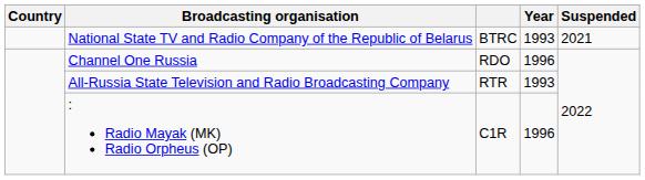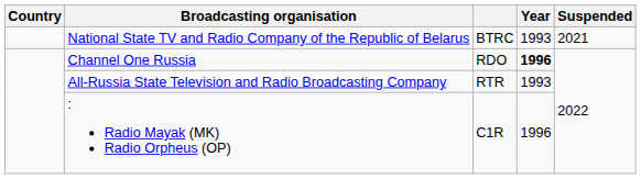 <table class="wikitable sortable" style="font-size:95%">
 <tr>
 <th>Country</th>
 <th>Broadcasting organisation</th>
 <th></th>
 <th>Year</th>
 <th>Suspended</th>
 </tr>
 <tr>
 <td></td>
 <td><a href='#'>National State TV and Radio Company of the Republic of Belarus</a>​</td>
 <td>BTRC</td>
 <td>1993</td>
 <td>2021</td>
 </tr>
 <tr>
 <td rowspan="3"></td>
 <td><a href='#'>Channel One Russia</a></td>
 <td>RDO</td>
-<td>1996</td>
+<td><strong>1996</strong></td>
 <td rowspan="3">2022</td>
 </tr>
 <tr>
 <td><a href='#'>All-Russia State Television and Radio Broadcasting Company</a></td>
 <td>RTR</td>
 <td>1993</td>
 </tr>
 <tr>
 <td>:<br><ul><li><a href='#'>Radio Mayak</a> (MK)</li><li><a href='#'>Radio Orpheus</a> (OP)</li></ul></td>
 <td>C1R</td>
 <td>1996</td>
 </tr>
 </table>
